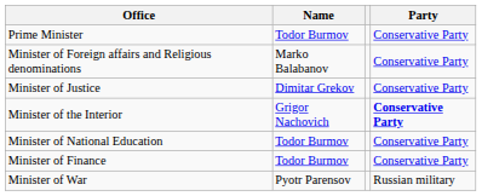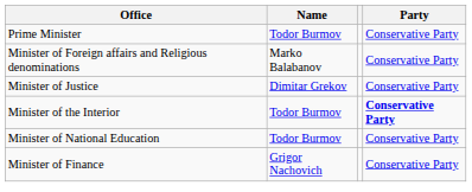 <table class="wikitable">
 <tr>
 <th>Office</th>
 <th>Name</th>
 <th></th>
 <th>Party</th>
 </tr>
 <tr>
 <td>Prime Minister</td>
 <td><a href='#'>Todor Burmov</a></td>
 <td style="color:inherit;background:"></td>
 <td><a href='#'>Conservative Party</a></td>
 </tr>
 <tr>
 <td>Minister of Foreign affairs and Religious denominations</td>
 <td>Marko Balabanov</td>
 <td style="color:inherit;background:"></td>
 <td><a href='#'>Conservative Party</a></td>
 </tr>
 <tr>
 <td>Minister of Justice</td>
 <td><a href='#'>Dimitar Grekov</a></td>
 <td style="color:inherit;background:"></td>
 <td><a href='#'>Conservative Party</a></td>
 </tr>
 <tr>
 <td>Minister of the Interior</td>
-<td><a href='#'>Grigor Nachovich</a></td>
+<td><a href='#'>Todor Burmov</a></td>
 <td style="color:inherit;background:"></td>
 <td><strong><a href='#'>Conservative Party</a></strong></td>
 </tr>
 <tr>
 <td>Minister of National Education</td>
 <td><a href='#'>Todor Burmov</a></td>
 <td style="color:inherit;background:"></td>
 <td><a href='#'>Conservative Party</a></td>
 </tr>
 <tr>
 <td>Minister of Finance</td>
-<td><a href='#'>Todor Burmov</a></td>
+<td><a href='#'>Grigor Nachovich</a></td>
 <td style="color:inherit;background:"></td>
 <td><a href='#'>Conservative Party</a></td>
 </tr>
-<tr>
-<td>Minister of War</td>
-<td>Pyotr Parensov</td>
-<td style="color:inherit;background:"></td>
-<td>Russian military</td>
-</tr>
 </table>
